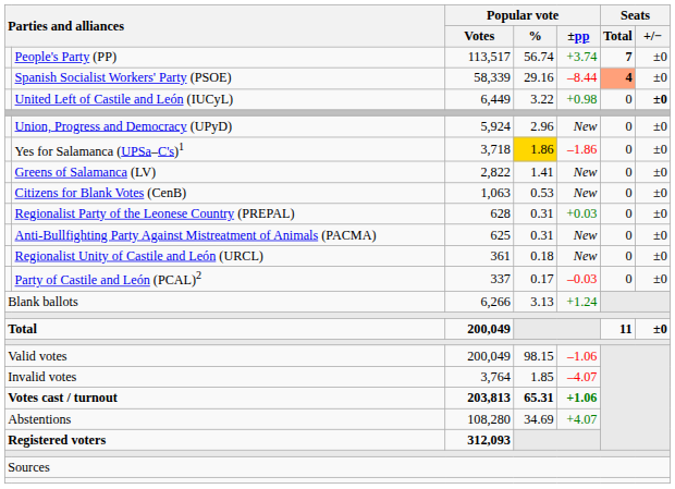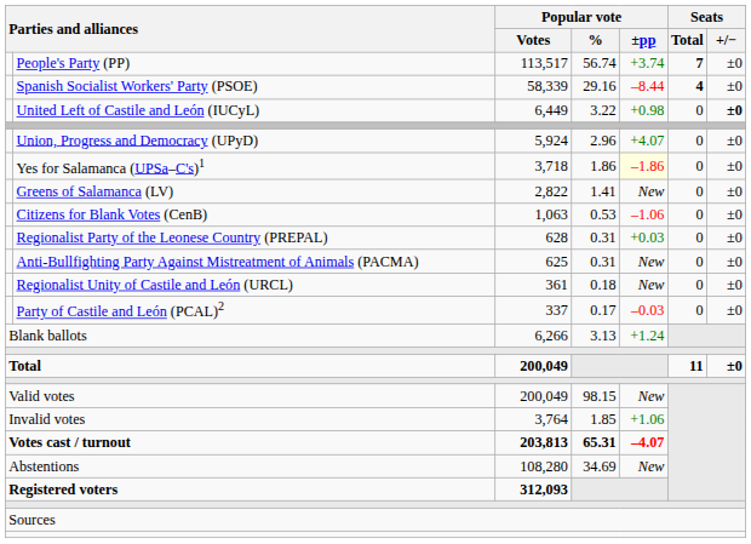 <table class="wikitable" style="text-align:right;">
 <tr>
 <th style="text-align:left;" rowspan="2" colspan="2" width="525">Parties and alliances</th>
 <th colspan="3">Popular vote</th>
 <th colspan="2">Seats</th>
 </tr>
 <tr>
 <th width="75">Votes</th>
 <th width="45">%</th>
 <th width="45">±<a href='#'>pp</a></th>
 <th width="35">Total</th>
 <th width="35">+/−</th>
 </tr>
 <tr>
 <td width="1" style="color:inherit;background:"></td>
 <td align="left"><a href='#'>People's Party</a> (PP)</td>
 <td>113,517</td>
 <td>56.74</td>
 <td style="color:green;">+3.74</td>
 <td><strong>7</strong></td>
 <td>±0</td>
 </tr>
 <tr>
 <td style="color:inherit;background:"></td>
 <td align="left"><a href='#'>Spanish Socialist Workers' Party</a> (PSOE)</td>
 <td>58,339</td>
 <td>29.16</td>
 <td style="color:red;">–8.44</td>
-<td style="background: lightsalmon;"><strong>4</strong></td>
+<td><strong>4</strong></td>
 <td>±0</td>
 </tr>
 <tr>
 <td style="color:inherit;background:"></td>
 <td align="left"><a href='#'>United Left of Castile and León</a> (IUCyL)</td>
 <td>6,449</td>
 <td>3.22</td>
 <td style="color:green;">+0.98</td>
 <td>0</td>
 <td><strong>±0</strong></td>
 </tr>
 <tr>
 <td colspan="7" bgcolor="#C0C0C0"></td>
 </tr>
 <tr>
 <td style="color:inherit;background:"></td>
 <td align="left"><a href='#'>Union, Progress and Democracy</a> (UPyD)</td>
 <td>5,924</td>
 <td>2.96</td>
-<td><em>New</em></td>
+<td style="color:green;">+4.07</td>
 <td>0</td>
 <td>±0</td>
 </tr>
 <tr>
 <td style="color:inherit;background:"></td>
 <td align="left">Yes for Salamanca (<a href='#'>UPSa</a>–<a href='#'>C's</a>)<sup>1</sup></td>
 <td>3,718</td>
-<td style="background: gold;">1.86</td>
-<td style="color:red;">–1.86</td>
+<td>1.86</td>
+<td style="background: lightyellow; color:red;">–1.86</td>
 <td>0</td>
 <td>±0</td>
 </tr>
 <tr>
 <td style="color:inherit;background:"></td>
 <td align="left"><a href='#'>Greens of Salamanca</a> (LV)</td>
 <td>2,822</td>
 <td>1.41</td>
 <td><em>New</em></td>
 <td>0</td>
 <td>±0</td>
 </tr>
 <tr>
 <td style="color:inherit;background:"></td>
 <td align="left"><a href='#'>Citizens for Blank Votes</a> (CenB)</td>
 <td>1,063</td>
 <td>0.53</td>
-<td><em>New</em></td>
+<td style="color:red;">–1.06</td>
 <td>0</td>
 <td>±0</td>
 </tr>
 <tr>
 <td style="color:inherit;background:"></td>
 <td align="left"><a href='#'>Regionalist Party of the Leonese Country</a> (PREPAL)</td>
 <td>628</td>
 <td>0.31</td>
 <td style="color:green;">+0.03</td>
 <td>0</td>
 <td>±0</td>
 </tr>
 <tr>
 <td style="color:inherit;background:"></td>
 <td align="left"><a href='#'>Anti-Bullfighting Party Against Mistreatment of Animals</a> (PACMA)</td>
 <td>625</td>
 <td>0.31</td>
 <td><em>New</em></td>
 <td>0</td>
 <td>±0</td>
 </tr>
 <tr>
 <td style="color:inherit;background:"></td>
 <td align="left"><a href='#'>Regionalist Unity of Castile and León</a> (URCL)</td>
 <td>361</td>
 <td>0.18</td>
 <td><em>New</em></td>
 <td>0</td>
 <td>±0</td>
 </tr>
 <tr>
 <td style="color:inherit;background:"></td>
 <td align="left"><a href='#'>Party of Castile and León</a> (PCAL)<sup>2</sup></td>
 <td>337</td>
 <td>0.17</td>
 <td style="color:red;">–0.03</td>
 <td>0</td>
 <td>±0</td>
 </tr>
 <tr>
 <td align="left" colspan="2">Blank ballots</td>
 <td>6,266</td>
 <td>3.13</td>
 <td style="color:green;">+1.24</td>
 <td bgcolor="#E9E9E9" colspan="2"></td>
 </tr>
 <tr>
 <td colspan="7" bgcolor="#E9E9E9"></td>
 </tr>
 <tr style="font-weight:bold;">
 <td align="left" colspan="2">Total</td>
 <td>200,049</td>
 <td bgcolor="#E9E9E9" colspan="2"></td>
 <td>11</td>
 <td>±0</td>
 </tr>
 <tr>
 <td colspan="7" bgcolor="#E9E9E9"></td>
 </tr>
 <tr>
 <td align="left" colspan="2">Valid votes</td>
 <td>200,049</td>
 <td>98.15</td>
-<td style="color:red;">–1.06</td>
+<td><em>New</em></td>
 <td bgcolor="#E9E9E9" colspan="2" rowspan="5"></td>
 </tr>
 <tr>
 <td align="left" colspan="2">Invalid votes</td>
 <td>3,764</td>
 <td>1.85</td>
-<td style="color:red;">–4.07</td>
+<td style="color:green;">+1.06</td>
 </tr>
 <tr style="font-weight:bold;">
 <td align="left" colspan="2">Votes cast / turnout</td>
 <td>203,813</td>
 <td>65.31</td>
-<td style="color:green;">+1.06</td>
+<td style="color:red;">–4.07</td>
 </tr>
 <tr>
 <td align="left" colspan="2">Abstentions</td>
 <td>108,280</td>
 <td>34.69</td>
-<td style="color:green;">+4.07</td>
+<td><em>New</em></td>
 </tr>
 <tr style="font-weight:bold;">
 <td align="left" colspan="2">Registered voters</td>
 <td>312,093</td>
 <td bgcolor="#E9E9E9" colspan="2"></td>
 </tr>
 <tr>
 <td colspan="7" bgcolor="#E9E9E9"></td>
 </tr>
 <tr>
 <td align="left" colspan="7">Sources</td>
 </tr>
 <tr>
 <td colspan="7" style="text-align:left; max-width:790px;"></td>
 </tr>
 </table>
